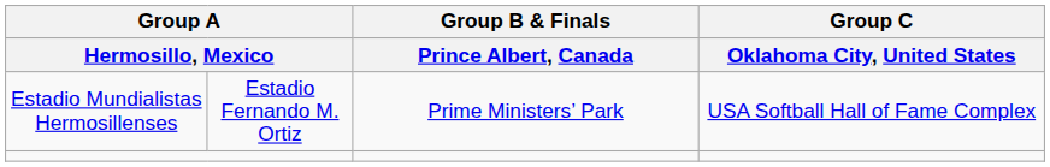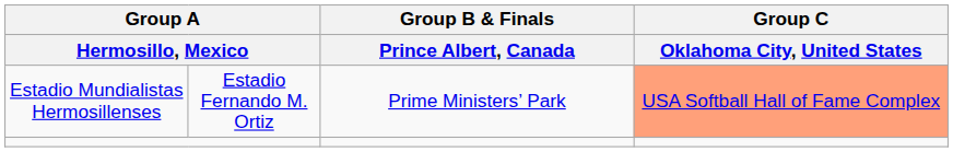 <table class="wikitable" style="text-align:center" width=800>
 <tr>
 <th colspan=2 width=25%>Group A</th>
 <th width=25%>Group B & Finals</th>
 <th width=25%>Group C</th>
 </tr>
 <tr>
 <th colspan=2> <strong><a href='#'>Hermosillo</a>, <a href='#'>Mexico</a></strong></th>
 <th> <strong><a href='#'>Prince Albert</a>, <a href='#'>Canada</a></strong></th>
 <th> <strong><a href='#'>Oklahoma City</a>, <a href='#'>United States</a></strong></th>
 </tr>
 <tr>
 <td><a href='#'>Estadio Mundialistas Hermosillenses</a></td>
 <td><a href='#'>Estadio Fernando M. Ortiz</a></td>
 <td><a href='#'>Prime Ministers’ Park</a></td>
-<td><a href='#'>USA Softball Hall of Fame Complex</a></td>
+<td style="background: lightsalmon;"><a href='#'>USA Softball Hall of Fame Complex</a></td>
 </tr>
 <tr>
 <td colspan=2></td>
 <td></td>
 <td></td>
 </tr>
 </table>
